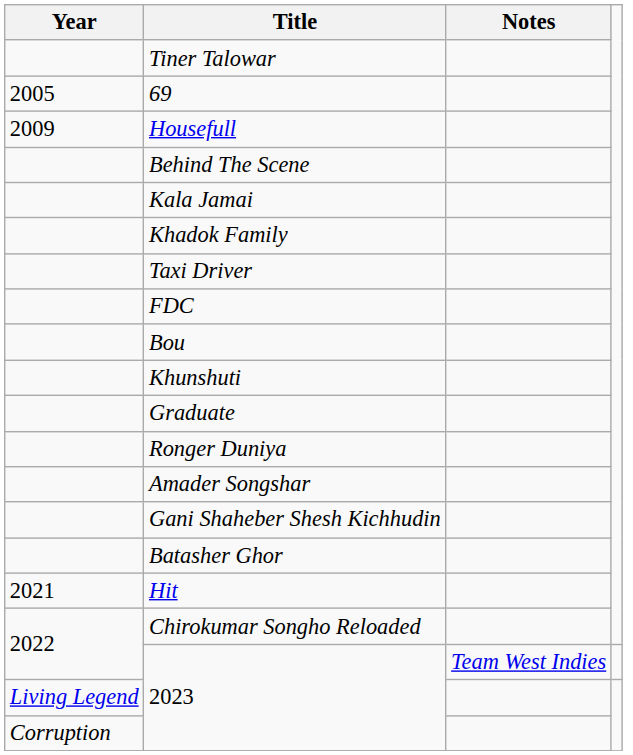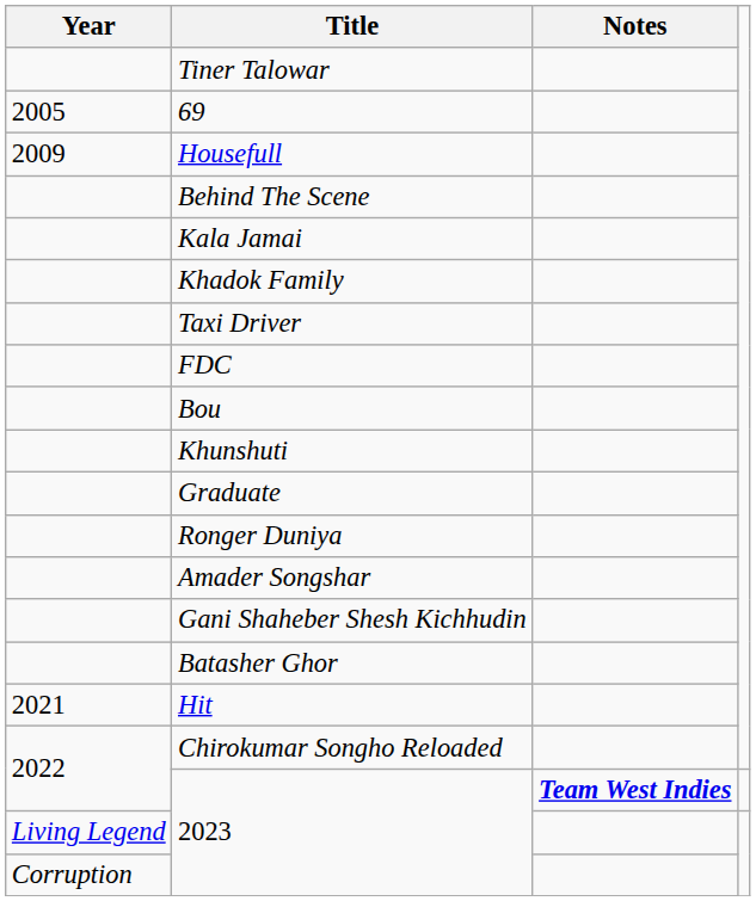 <table class="wikitable">
 <tr>
 <th>Year</th>
 <th>Title</th>
 <th>Notes</th>
 </tr>
 <tr>
 <td></td>
 <td><em>Tiner Talowar</em></td>
 <td></td>
 </tr>
 <tr>
 <td>2005</td>
 <td><em>69</em></td>
 <td></td>
 </tr>
 <tr>
 <td>2009</td>
 <td><em><a href='#'>Housefull</a></em></td>
 <td></td>
 </tr>
 <tr>
 <td></td>
 <td><em>Behind The Scene</em></td>
 <td></td>
 </tr>
 <tr>
 <td></td>
 <td><em>Kala Jamai</em></td>
 <td></td>
 </tr>
 <tr>
 <td></td>
 <td><em>Khadok Family</em></td>
 <td></td>
 </tr>
 <tr>
 <td></td>
 <td><em>Taxi Driver</em></td>
 <td></td>
 </tr>
 <tr>
 <td></td>
 <td><em>FDC</em></td>
 <td></td>
 </tr>
 <tr>
 <td></td>
 <td><em>Bou</em></td>
 <td></td>
 </tr>
 <tr>
 <td></td>
 <td><em>Khunshuti</em></td>
 <td></td>
 </tr>
 <tr>
 <td></td>
 <td><em>Graduate</em></td>
 <td></td>
 </tr>
 <tr>
 <td></td>
 <td><em>Ronger Duniya</em></td>
 <td></td>
 </tr>
 <tr>
 <td></td>
 <td><em>Amader Songshar</em></td>
 <td></td>
 </tr>
 <tr>
 <td></td>
 <td><em>Gani Shaheber Shesh Kichhudin</em></td>
 <td></td>
 </tr>
 <tr>
 <td></td>
 <td><em>Batasher Ghor</em></td>
 <td></td>
 </tr>
 <tr>
 <td>2021</td>
 <td><em><a href='#'>Hit</a></em></td>
 <td></td>
 </tr>
 <tr>
 <td rowspan="2">2022</td>
 <td><em>Chirokumar Songho Reloaded</em></td>
 <td></td>
 </tr>
 <tr>
 <td rowspan="3">2023</td>
-<td><em><a href='#'>Team West Indies</a></em></td>
+<td><strong><em><a href='#'>Team West Indies</a></em></strong></td>
 <td></td>
 </tr>
 <tr>
 <td><em><a href='#'>Living Legend</a></em></td>
 <td></td>
 </tr>
 <tr>
 <td><em>Corruption</em></td>
 <td></td>
 </tr>
 <tr>
 </tr>
 </table>
